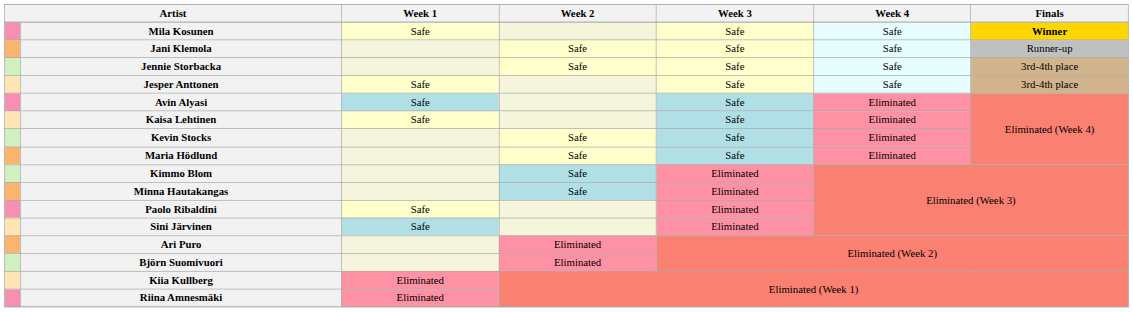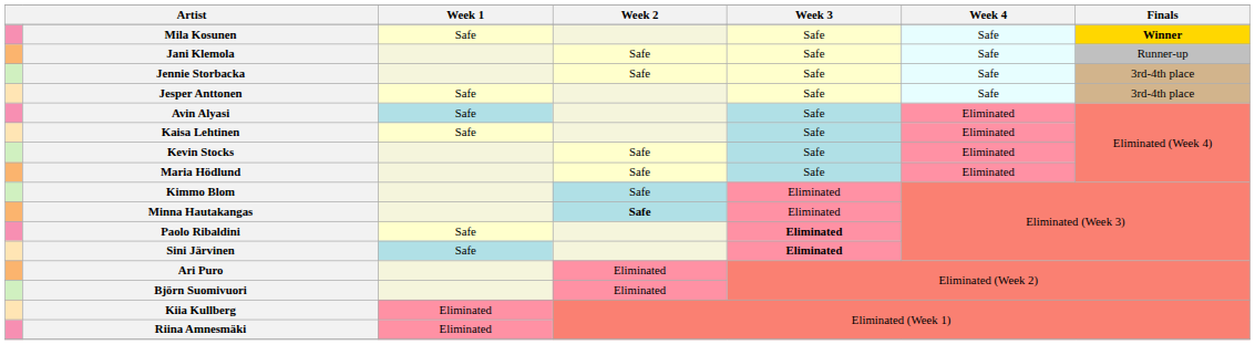 <table class="wikitable"  style="text-align:center; font-size:95%; width:100%;">
 <tr>
 </tr>
 <tr>
 <th colspan="2">Artist</th>
 <th style="width:14%;">Week 1</th>
 <th style="width:14%;">Week 2</th>
 <th style="width:14%;">Week 3</th>
 <th style="width:14%;">Week 4</th>
 <th style="width:14%;">Finals</th>
 </tr>
 <tr>
 </tr>
 <tr>
 <th style="background:#f78fb2;"></th>
 <th>Mila Kosunen</th>
 <td style="background:#ffc;">Safe</td>
 <td style="background:#F5F5DC;"></td>
 <td style="background:#ffc;">Safe</td>
 <td style="background:#E7FEFF;">Safe</td>
 <td style="background:gold;"><strong>Winner</strong></td>
 </tr>
 <tr>
 <th style="background:#fbb46e;"></th>
 <th>Jani Klemola</th>
 <td style="background:#F5F5DC;"></td>
 <td style="background:#ffc;">Safe</td>
 <td style="background:#ffc;">Safe</td>
 <td style="background:#E7FEFF;">Safe</td>
 <td style="background:silver;">Runner-up</td>
 </tr>
 <tr>
 <th style="background:#d0f0c0;"></th>
 <th>Jennie Storbacka</th>
 <td style="background:#F5F5DC;"></td>
 <td style="background:#ffc;">Safe</td>
 <td style="background:#ffc;">Safe</td>
 <td style="background:#E7FEFF;">Safe</td>
 <td style="background:tan;">3rd-4th place</td>
 </tr>
 <tr>
 <th style="background:#ffe5b4;"></th>
 <th>Jesper Anttonen</th>
 <td style="background:#ffc;">Safe</td>
 <td style="background:#F5F5DC;"></td>
 <td style="background:#ffc;">Safe</td>
 <td style="background:#E7FEFF;">Safe</td>
 <td style="background:tan;">3rd-4th place</td>
 </tr>
 <tr>
 <th style="background:#f78fb2;"></th>
 <th>Avin Alyasi</th>
 <td style="background:#B0E0E6;">Safe</td>
 <td style="background:#F5F5DC;"></td>
 <td style="background:#B0E0E6;">Safe</td>
 <td style="background:#FF91A4;">Eliminated</td>
 <td rowspan="4" colspan="5" style="background:salmon;">Eliminated (Week 4)</td>
 </tr>
 <tr>
 <th style="background:#ffe5b4;"></th>
 <th>Kaisa Lehtinen</th>
 <td style="background:#ffc;">Safe</td>
 <td style="background:#F5F5DC;"></td>
 <td style="background:#B0E0E6;">Safe</td>
 <td style="background:#FF91A4;">Eliminated</td>
 </tr>
 <tr>
 <th style="background:#d0f0c0;"></th>
 <th>Kevin Stocks</th>
 <td style="background:#F5F5DC;"></td>
 <td style="background:#ffc;">Safe</td>
 <td style="background:#B0E0E6;">Safe</td>
 <td style="background:#FF91A4;">Eliminated</td>
 </tr>
 <tr>
 <th style="background:#fbb46e;"></th>
 <th>Maria Hödlund</th>
 <td style="background:#F5F5DC;"></td>
 <td style="background:#ffc;">Safe</td>
 <td style="background:#B0E0E6;">Safe</td>
 <td style="background:#FF91A4;">Eliminated</td>
 </tr>
 <tr>
 <th style="background:#d0f0c0;"></th>
 <th>Kimmo Blom</th>
 <td style="background:#F5F5DC;"></td>
 <td style="background:#B0E0E6;">Safe</td>
 <td style="background:#FF91A4;">Eliminated</td>
 <td rowspan="4" colspan="5" style="background:salmon;">Eliminated (Week 3)</td>
 </tr>
 <tr>
 <th style="background:#fbb46e;"></th>
 <th>Minna Hautakangas</th>
 <td style="background:#F5F5DC;"></td>
-<td style="background:#B0E0E6;">Safe</td>
+<td style="background:#B0E0E6;"><strong>Safe</strong></td>
 <td style="background:#FF91A4;">Eliminated</td>
 </tr>
 <tr>
 <th style="background:#f78fb2;"></th>
 <th>Paolo Ribaldini</th>
 <td style="background:#ffc;">Safe</td>
 <td style="background:#F5F5DC;"></td>
-<td style="background:#FF91A4;">Eliminated</td>
+<td style="background:#FF91A4;"><strong>Eliminated</strong></td>
 </tr>
 <tr>
 <th style="background:#ffe5b4;"></th>
 <th>Sini Järvinen</th>
 <td style="background:#B0E0E6;">Safe</td>
 <td style="background:#F5F5DC;"></td>
-<td style="background:#FF91A4;">Eliminated</td>
+<td style="background:#FF91A4;"><strong>Eliminated</strong></td>
 </tr>
 <tr>
 <th style="background:#fbb46e;"></th>
 <th>Ari Puro</th>
 <td style="background:#F5F5DC;"></td>
 <td style="background:#FF91A4;">Eliminated</td>
 <td rowspan="2" colspan="5" style="background:salmon;">Eliminated (Week 2)</td>
 </tr>
 <tr>
 <th style="background:#d0f0c0;"></th>
 <th>Björn Suomivuori</th>
 <td style="background:#F5F5DC;"></td>
 <td style="background:#FF91A4;">Eliminated</td>
 </tr>
 <tr>
 <th style="background:#ffe5b4;"></th>
 <th>Kiia Kullberg</th>
 <td style="background:#FF91A4;">Eliminated</td>
 <td rowspan="2" colspan="5" style="background:salmon;">Eliminated (Week 1)</td>
 </tr>
 <tr>
 <th style="background:#f78fb2;"></th>
 <th>Riina Amnesmäki</th>
 <td style="background:#FF91A4;">Eliminated</td>
 </tr>
 <tr>
 </tr>
 </table>
